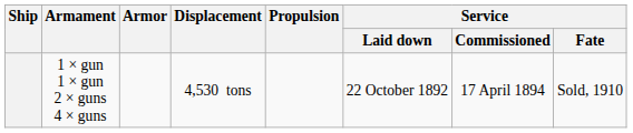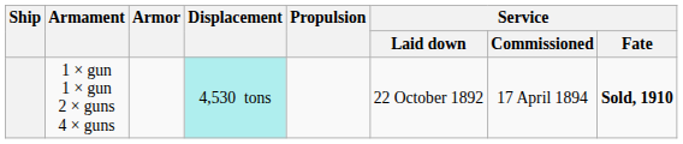 <table class="wikitable plainrowheaders" style="text-align: center;">
 <tr valign="top">
 <th scope="col" rowspan="2">Ship</th>
 <th scope="col" rowspan="2">Armament</th>
 <th scope="col" rowspan="2">Armor</th>
 <th scope="col" rowspan="2">Displacement</th>
 <th scope="col" rowspan="2">Propulsion</th>
 <th scope="col" colspan="3">Service</th>
 </tr>
 <tr valign="top">
 <th scope="col">Laid down</th>
 <th scope="col">Commissioned</th>
 <th scope="col">Fate</th>
 </tr>
 <tr valign="center">
 <th scope="row"></th>
 <td>1 ×  gun <br>1 ×  gun<br>2 ×  guns<br>4 ×  guns</td>
 <td></td>
-<td>4,530  tons</td>
+<td style="background: paleturquoise;">4,530  tons</td>
 <td></td>
 <td>22 October 1892</td>
 <td>17 April 1894</td>
-<td>Sold, 1910</td>
+<td><strong>Sold, 1910</strong></td>
 </tr>
 </table>
